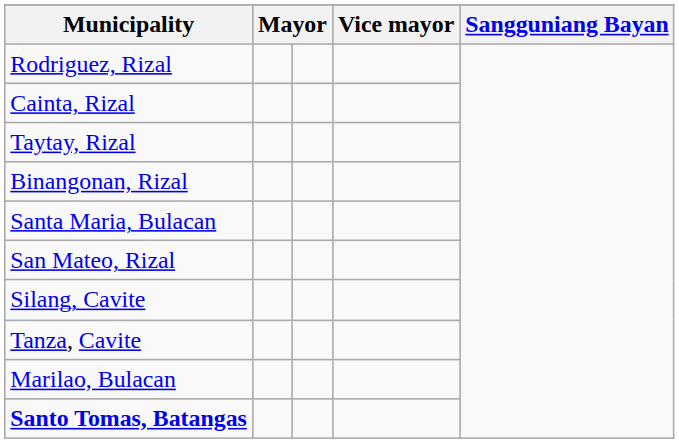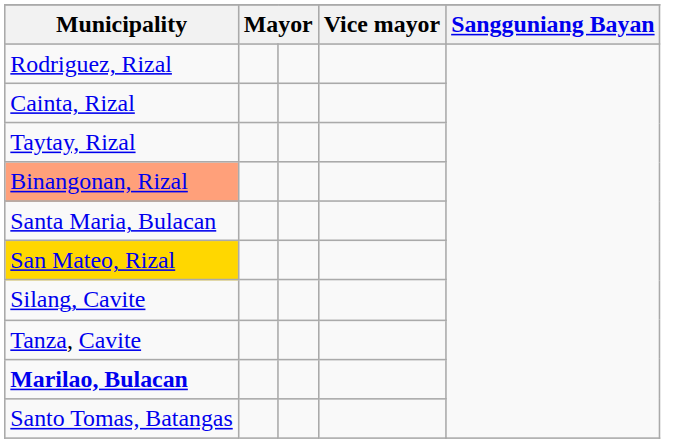 <table class=wikitable style="font-size:95%;">
 <tr>
 </tr>
 <tr>
 <th>Municipality</th>
 <th colspan=2>Mayor</th>
 <th colspan=2>Vice mayor</th>
 <th><a href='#'>Sangguniang Bayan</a></th>
 </tr>
 <tr>
 <td><a href='#'>Rodriguez, Rizal</a></td>
 <td></td>
 <td></td>
 <td></td>
 </tr>
 <tr>
 <td><a href='#'>Cainta, Rizal</a></td>
 <td></td>
 <td></td>
 <td></td>
 </tr>
 <tr>
 <td><a href='#'>Taytay, Rizal</a></td>
 <td></td>
 <td></td>
 <td></td>
 </tr>
 <tr>
-<td><a href='#'>Binangonan, Rizal</a></td>
+<td style="background: lightsalmon;"><a href='#'>Binangonan, Rizal</a></td>
 <td></td>
 <td></td>
 <td></td>
 </tr>
 <tr>
 <td><a href='#'>Santa Maria, Bulacan</a></td>
 <td></td>
 <td></td>
 <td></td>
 </tr>
 <tr>
-<td><a href='#'>San Mateo, Rizal</a></td>
+<td style="background: gold;"><a href='#'>San Mateo, Rizal</a></td>
 <td></td>
 <td></td>
 <td></td>
 </tr>
 <tr>
 <td><a href='#'>Silang, Cavite</a></td>
 <td></td>
 <td></td>
 <td></td>
 </tr>
 <tr>
 <td><a href='#'>Tanza</a>, <a href='#'>Cavite</a></td>
 <td></td>
 <td></td>
 <td></td>
 </tr>
 <tr>
-<td><a href='#'>Marilao, Bulacan</a></td>
+<td><strong><a href='#'>Marilao, Bulacan</a></strong></td>
 <td></td>
 <td></td>
 <td></td>
 </tr>
 <tr>
-<td><strong><a href='#'>Santo Tomas, Batangas</a></strong></td>
+<td><a href='#'>Santo Tomas, Batangas</a></td>
 <td></td>
 <td></td>
 <td></td>
 </tr>
 </table>
